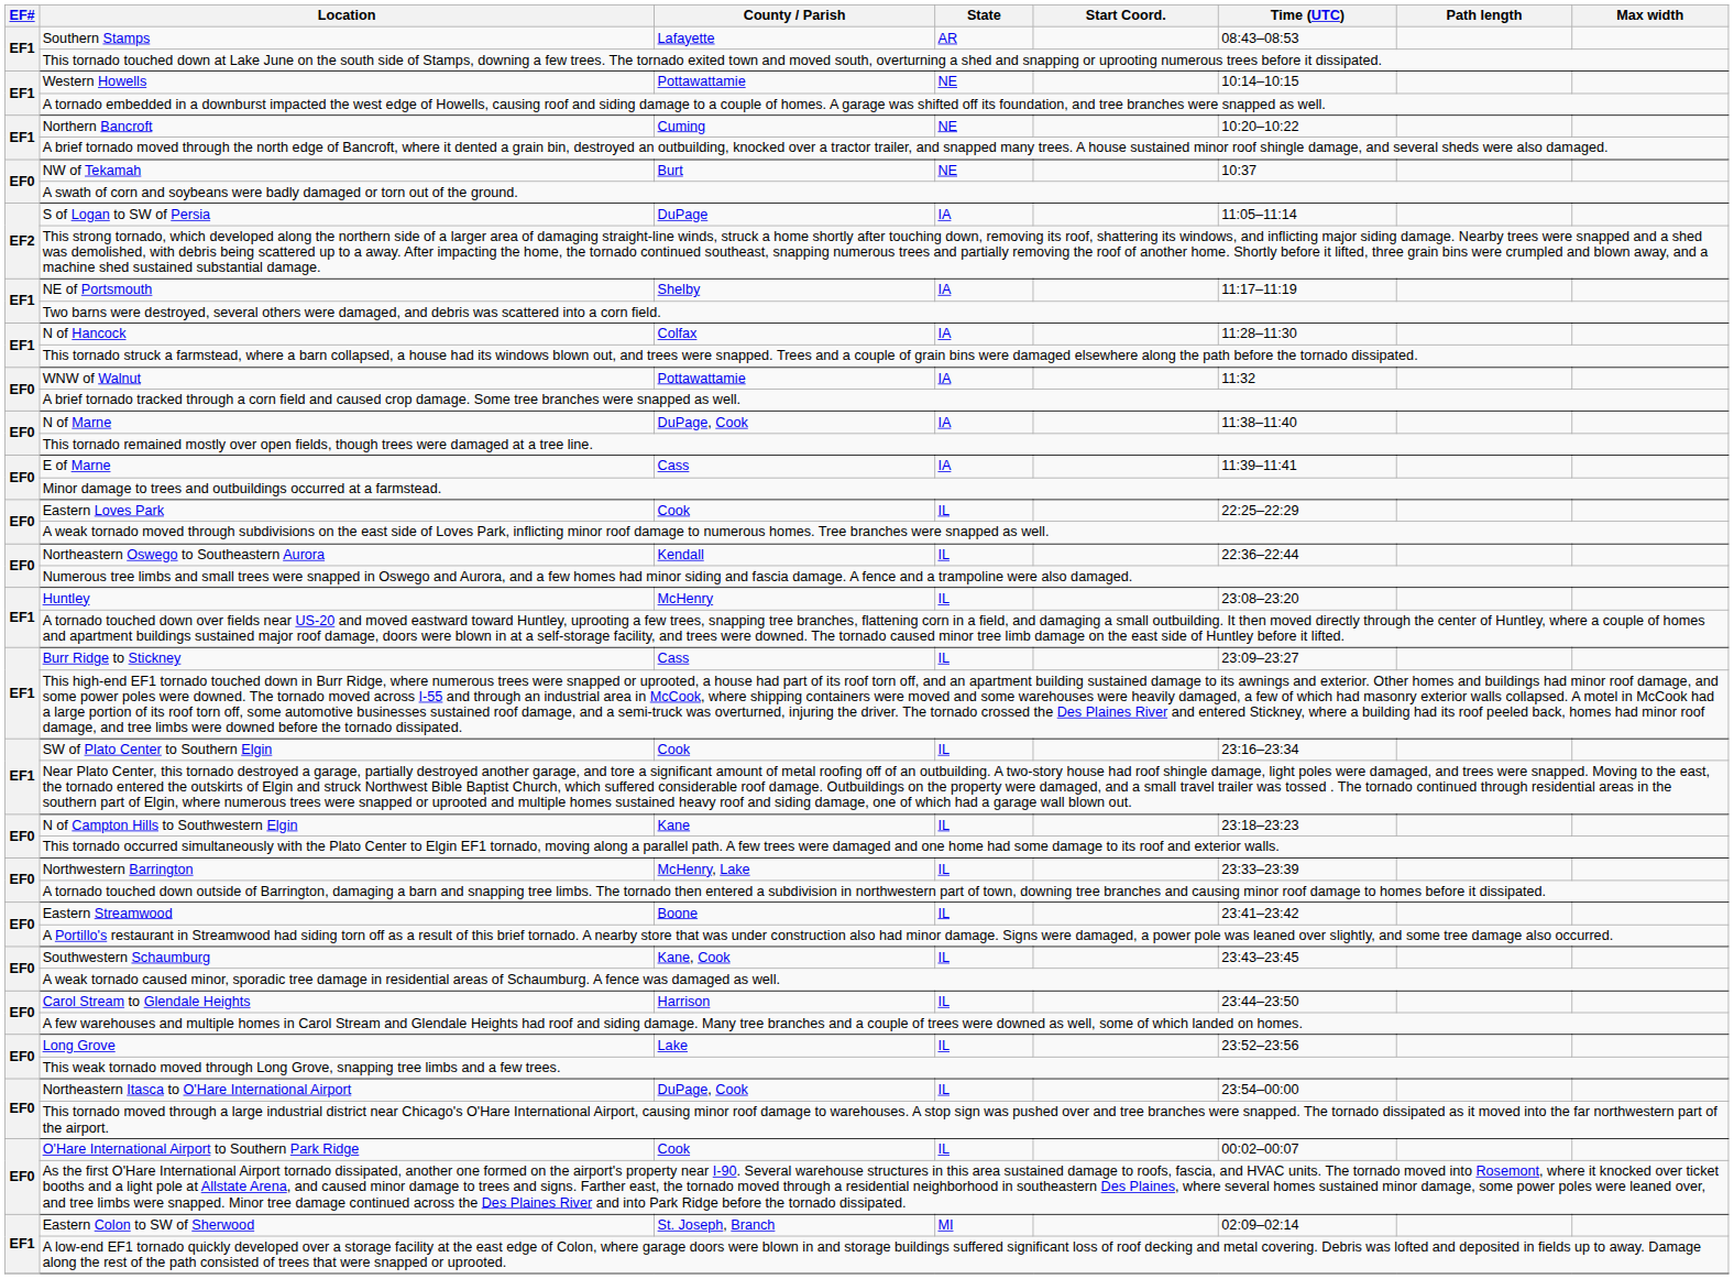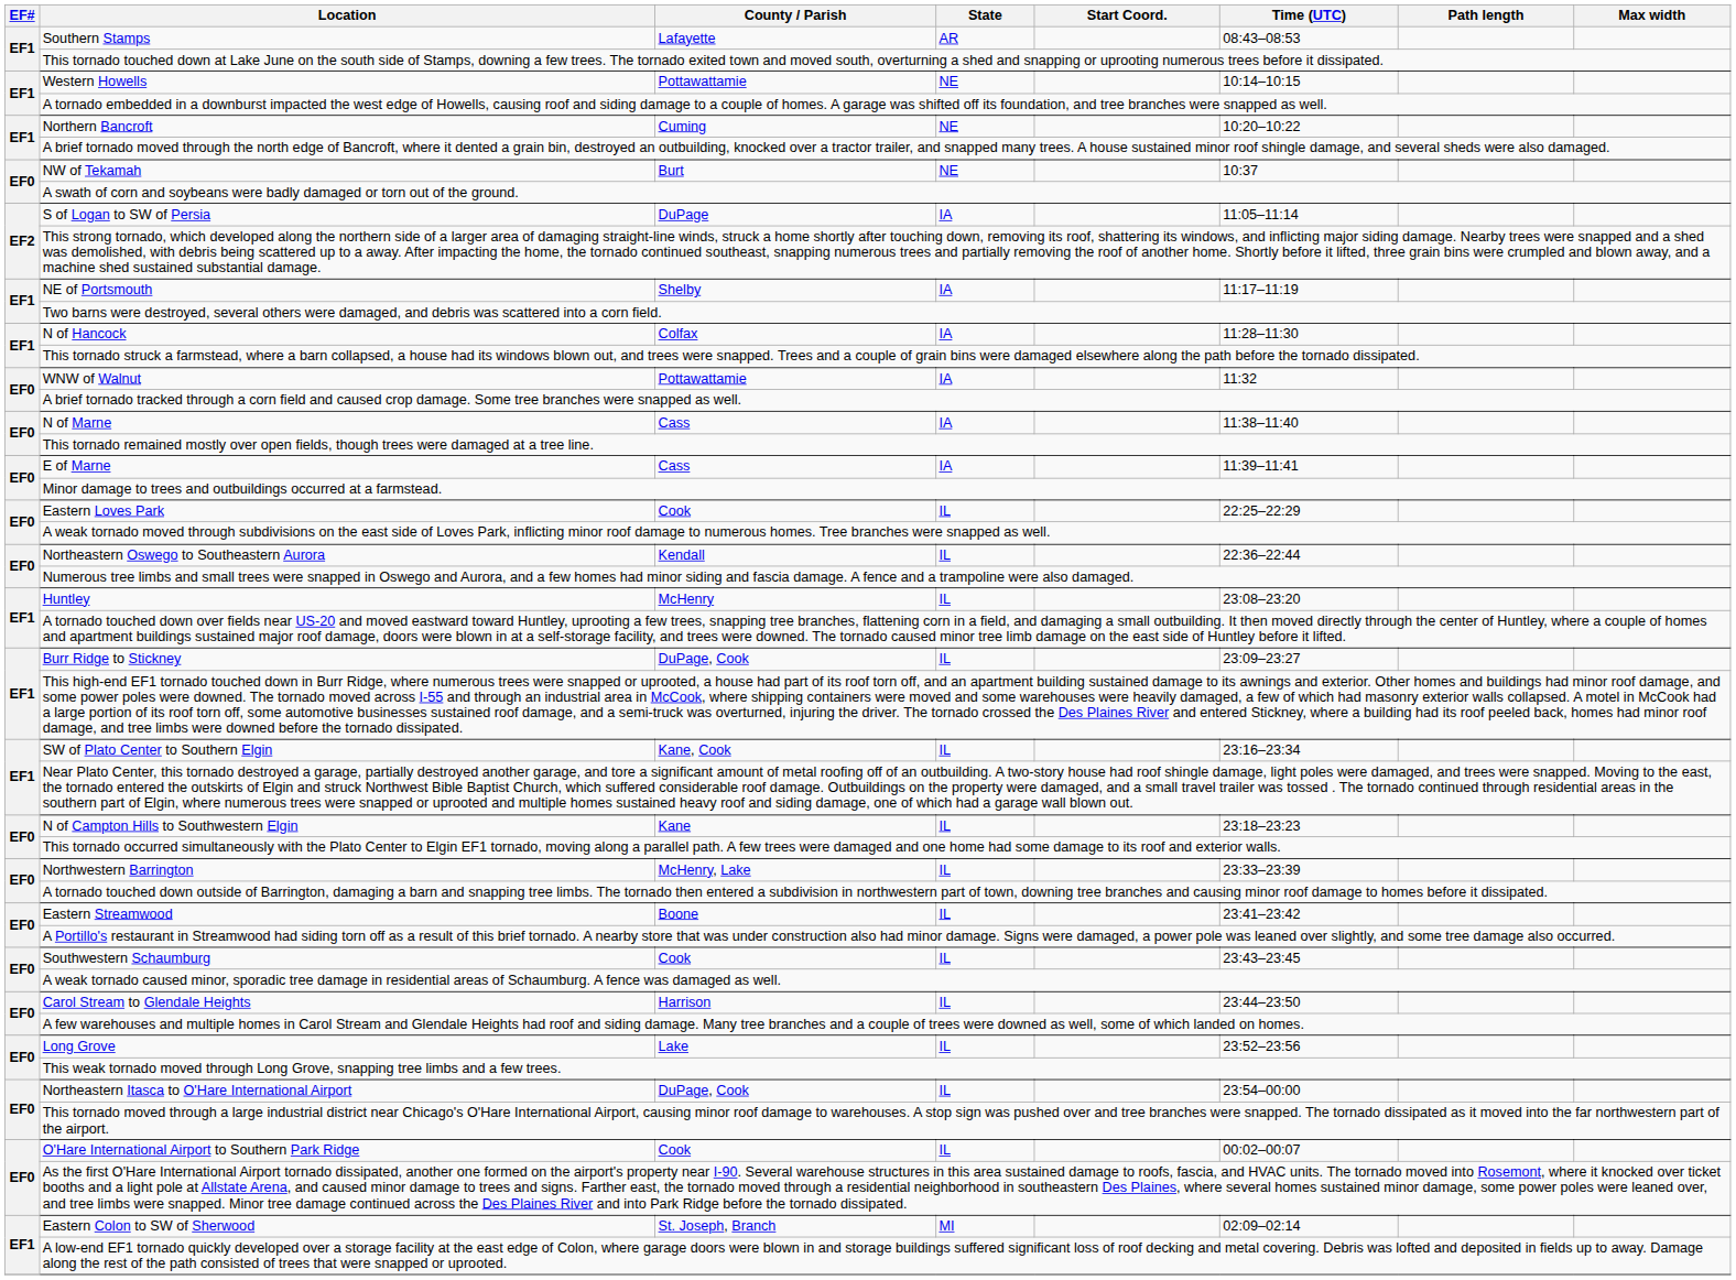 <table class="wikitable sortable" style="width:100%;">
 <tr>
 <th scope="col" width="2%" align="center"><a href='#'>EF#</a></th>
 <th scope="col" align="center" class="unsortable">Location</th>
 <th scope="col" align="center" class="unsortable">County / Parish</th>
 <th scope="col" align="center">State</th>
 <th scope="col" align="center">Start Coord.</th>
 <th scope="col" align="center">Time (<a href='#'>UTC</a>)</th>
 <th scope="col" align="center">Path length</th>
 <th scope="col" align="center">Max width</th>
 </tr>
 <tr>
 <th scope="row" rowspan="2" style="background-color:#">EF1</th>
 <td>Southern <a href='#'>Stamps</a></td>
 <td><a href='#'>Lafayette</a></td>
 <td><a href='#'>AR</a></td>
 <td></td>
 <td>08:43–08:53</td>
 <td></td>
 <td></td>
 </tr>
 <tr class="expand-child">
 <td colspan="8" style=" border-bottom: 1px solid black;">This tornado touched down at Lake June on the south side of Stamps, downing a few trees. The tornado exited town and moved south, overturning a shed and snapping or uprooting numerous trees before it dissipated.</td>
 </tr>
 <tr>
 <th scope="row" rowspan="2" style="background-color:#">EF1</th>
 <td>Western <a href='#'>Howells</a></td>
 <td><a href='#'>Pottawattamie</a></td>
 <td><a href='#'>NE</a></td>
 <td></td>
 <td>10:14–10:15</td>
 <td></td>
 <td></td>
 </tr>
 <tr class="expand-child">
 <td colspan="8" style=" border-bottom: 1px solid black;">A tornado embedded in a downburst impacted the west edge of Howells, causing roof and siding damage to a couple of homes. A garage was shifted off its foundation, and tree branches were snapped as well.</td>
 </tr>
 <tr>
 <th scope="row" rowspan="2" style="background-color:#">EF1</th>
 <td>Northern <a href='#'>Bancroft</a></td>
 <td><a href='#'>Cuming</a></td>
 <td><a href='#'>NE</a></td>
 <td></td>
 <td>10:20–10:22</td>
 <td></td>
 <td></td>
 </tr>
 <tr class="expand-child">
 <td colspan="8" style=" border-bottom: 1px solid black;">A brief tornado moved through the north edge of Bancroft, where it dented a grain bin, destroyed an outbuilding, knocked over a tractor trailer, and snapped many trees. A house sustained minor roof shingle damage, and several sheds were also damaged.</td>
 </tr>
 <tr>
 <th scope="row" rowspan="2" style="background-color:#">EF0</th>
 <td>NW of <a href='#'>Tekamah</a></td>
 <td><a href='#'>Burt</a></td>
 <td><a href='#'>NE</a></td>
 <td></td>
 <td>10:37</td>
 <td></td>
 <td></td>
 </tr>
 <tr class="expand-child">
 <td colspan="8" style=" border-bottom: 1px solid black;">A swath of corn and soybeans were badly damaged or torn out of the ground.</td>
 </tr>
 <tr>
 <th scope="row" rowspan="2" style="background-color:#">EF2</th>
 <td>S of <a href='#'>Logan</a> to SW of <a href='#'>Persia</a></td>
 <td><a href='#'>DuPage</a></td>
 <td><a href='#'>IA</a></td>
 <td></td>
 <td>11:05–11:14</td>
 <td></td>
 <td></td>
 </tr>
 <tr class="expand-child">
 <td colspan="8" style=" border-bottom: 1px solid black;">This strong tornado, which developed along the northern side of a larger area of damaging straight-line winds, struck a home shortly after touching down, removing its roof, shattering its windows, and inflicting major siding damage. Nearby trees were snapped and a shed was demolished, with debris being scattered up to a  away. After impacting the home, the tornado continued southeast, snapping numerous trees and partially removing the roof of another home. Shortly before it lifted, three grain bins were crumpled and blown away, and a machine shed sustained substantial damage.</td>
 </tr>
 <tr>
 <th scope="row" rowspan="2" style="background-color:#">EF1</th>
 <td>NE of <a href='#'>Portsmouth</a></td>
 <td><a href='#'>Shelby</a></td>
 <td><a href='#'>IA</a></td>
 <td></td>
 <td>11:17–11:19</td>
 <td></td>
 <td></td>
 </tr>
 <tr class="expand-child">
 <td colspan="8" style=" border-bottom: 1px solid black;">Two barns were destroyed, several others were damaged, and debris was scattered into a corn field.</td>
 </tr>
 <tr>
 <th scope="row" rowspan="2" style="background-color:#">EF1</th>
 <td>N of <a href='#'>Hancock</a></td>
 <td><a href='#'>Colfax</a></td>
 <td><a href='#'>IA</a></td>
 <td></td>
 <td>11:28–11:30</td>
 <td></td>
 <td></td>
 </tr>
 <tr class="expand-child">
 <td colspan="8" style=" border-bottom: 1px solid black;">This tornado struck a farmstead, where a barn collapsed, a house had its windows blown out, and trees were snapped. Trees and a couple of grain bins were damaged elsewhere along the path before the tornado dissipated.</td>
 </tr>
 <tr>
 <th scope="row" rowspan="2" style="background-color:#">EF0</th>
 <td>WNW of <a href='#'>Walnut</a></td>
 <td><a href='#'>Pottawattamie</a></td>
 <td><a href='#'>IA</a></td>
 <td></td>
 <td>11:32</td>
 <td></td>
 <td></td>
 </tr>
 <tr class="expand-child">
 <td colspan="8" style=" border-bottom: 1px solid black;">A brief tornado tracked through a corn field and caused crop damage. Some tree branches were snapped as well. </td>
 </tr>
 <tr>
 <th scope="row" rowspan="2" style="background-color:#">EF0</th>
 <td>N of <a href='#'>Marne</a></td>
-<td><a href='#'>DuPage</a>, <a href='#'>Cook</a></td>
+<td><a href='#'>Cass</a></td>
 <td><a href='#'>IA</a></td>
 <td></td>
 <td>11:38–11:40</td>
 <td></td>
 <td></td>
 </tr>
 <tr class="expand-child">
 <td colspan="8" style=" border-bottom: 1px solid black;">This tornado remained mostly over open fields, though trees were damaged at a tree line.</td>
 </tr>
 <tr>
 <th scope="row" rowspan="2" style="background-color:#">EF0</th>
 <td>E of <a href='#'>Marne</a></td>
 <td><a href='#'>Cass</a></td>
 <td><a href='#'>IA</a></td>
 <td></td>
 <td>11:39–11:41</td>
 <td></td>
 <td></td>
 </tr>
 <tr class="expand-child">
 <td colspan="8" style=" border-bottom: 1px solid black;">Minor damage to trees and outbuildings occurred at a farmstead.</td>
 </tr>
 <tr>
 <th scope="row" rowspan="2" style="background-color:#">EF0</th>
 <td>Eastern <a href='#'>Loves Park</a></td>
 <td><a href='#'>Cook</a></td>
 <td><a href='#'>IL</a></td>
 <td></td>
 <td>22:25–22:29</td>
 <td></td>
 <td></td>
 </tr>
 <tr class="expand-child">
 <td colspan="8" style=" border-bottom: 1px solid black;">A weak tornado moved through subdivisions on the east side of Loves Park, inflicting minor roof damage to numerous homes. Tree branches were snapped as well.</td>
 </tr>
 <tr>
 <th scope="row" rowspan="2" style="background-color:#">EF0</th>
 <td>Northeastern <a href='#'>Oswego</a> to Southeastern <a href='#'>Aurora</a></td>
 <td><a href='#'>Kendall</a></td>
 <td><a href='#'>IL</a></td>
 <td></td>
 <td>22:36–22:44</td>
 <td></td>
 <td></td>
 </tr>
 <tr class="expand-child">
 <td colspan="8" style=" border-bottom: 1px solid black;">Numerous tree limbs and small trees were snapped in Oswego and Aurora, and a few homes had minor siding and fascia damage. A fence and a trampoline were also damaged.</td>
 </tr>
 <tr>
 <th scope="row" rowspan="2" style="background-color:#">EF1</th>
 <td><a href='#'>Huntley</a></td>
 <td><a href='#'>McHenry</a></td>
 <td><a href='#'>IL</a></td>
 <td></td>
 <td>23:08–23:20</td>
 <td></td>
 <td></td>
 </tr>
 <tr class="expand-child">
 <td colspan="8" style=" border-bottom: 1px solid black;">A tornado touched down over fields near <a href='#'>US-20</a> and moved eastward toward Huntley, uprooting a few trees, snapping tree branches, flattening corn in a field, and damaging a small outbuilding. It then moved directly through the center of Huntley, where a couple of homes and apartment buildings sustained major roof damage, doors were blown in at a self-storage facility, and trees were downed. The tornado caused minor tree limb damage on the east side of Huntley before it lifted.</td>
 </tr>
 <tr>
 <th scope="row" rowspan="2" style="background-color:#">EF1</th>
 <td><a href='#'>Burr Ridge</a> to <a href='#'>Stickney</a></td>
-<td><a href='#'>Cass</a></td>
+<td><a href='#'>DuPage</a>, <a href='#'>Cook</a></td>
 <td><a href='#'>IL</a></td>
 <td></td>
 <td>23:09–23:27</td>
 <td></td>
 <td></td>
 </tr>
 <tr class="expand-child">
 <td colspan="8" style=" border-bottom: 1px solid black;">This high-end EF1 tornado touched down in Burr Ridge, where numerous trees were snapped or uprooted, a house had part of its roof torn off, and an apartment building sustained damage to its awnings and exterior. Other homes and buildings had minor roof damage, and some power poles were downed. The tornado moved across <a href='#'>I-55</a> and through an industrial area in <a href='#'>McCook</a>, where shipping containers were moved and some warehouses were heavily damaged, a few of which had masonry exterior walls collapsed. A motel in McCook had a large portion of its roof torn off, some automotive businesses sustained roof damage, and a semi-truck was overturned, injuring the driver. The tornado crossed the <a href='#'>Des Plaines River</a> and entered Stickney, where a building had its roof peeled back, homes had minor roof damage, and tree limbs were downed before the tornado dissipated.</td>
 </tr>
 <tr>
 <th scope="row" rowspan="2" style="background-color:#">EF1</th>
 <td>SW of <a href='#'>Plato Center</a> to Southern <a href='#'>Elgin</a></td>
-<td><a href='#'>Cook</a></td>
+<td><a href='#'>Kane</a>, <a href='#'>Cook</a></td>
 <td><a href='#'>IL</a></td>
 <td></td>
 <td>23:16–23:34</td>
 <td></td>
 <td></td>
 </tr>
 <tr class="expand-child">
 <td colspan="8" style=" border-bottom: 1px solid black;">Near Plato Center, this tornado destroyed a garage, partially destroyed another garage, and tore a significant amount of metal roofing off of an outbuilding. A two-story house had roof shingle damage, light poles were damaged, and trees were snapped. Moving to the east, the tornado entered the outskirts of Elgin and struck Northwest Bible Baptist Church, which suffered considerable roof damage. Outbuildings on the property were damaged, and a small travel trailer was tossed . The tornado continued through residential areas in the southern part of Elgin, where numerous trees were snapped or uprooted and multiple homes sustained heavy roof and siding damage, one of which had a garage wall blown out.</td>
 </tr>
 <tr>
 <th scope="row" rowspan="2" style="background-color:#">EF0</th>
 <td>N of <a href='#'>Campton Hills</a> to Southwestern <a href='#'>Elgin</a></td>
 <td><a href='#'>Kane</a></td>
 <td><a href='#'>IL</a></td>
 <td></td>
 <td>23:18–23:23</td>
 <td></td>
 <td></td>
 </tr>
 <tr class="expand-child">
 <td colspan="8" style=" border-bottom: 1px solid black;">This tornado occurred simultaneously with the Plato Center to Elgin EF1 tornado, moving along a parallel path. A few trees were damaged and one home had some damage to its roof and exterior walls.</td>
 </tr>
 <tr>
 <th scope="row" rowspan="2" style="background-color:#">EF0</th>
 <td>Northwestern <a href='#'>Barrington</a></td>
 <td><a href='#'>McHenry</a>, <a href='#'>Lake</a></td>
 <td><a href='#'>IL</a></td>
 <td></td>
 <td>23:33–23:39</td>
 <td></td>
 <td></td>
 </tr>
 <tr class="expand-child">
 <td colspan="8" style=" border-bottom: 1px solid black;">A tornado touched down outside of Barrington, damaging a barn and snapping tree limbs. The tornado then entered a subdivision in northwestern part of town, downing tree branches and causing minor roof damage to homes before it dissipated.</td>
 </tr>
 <tr>
 <th scope="row" rowspan="2" style="background-color:#">EF0</th>
 <td>Eastern <a href='#'>Streamwood</a></td>
 <td><a href='#'>Boone</a></td>
 <td><a href='#'>IL</a></td>
 <td></td>
 <td>23:41–23:42</td>
 <td></td>
 <td></td>
 </tr>
 <tr class="expand-child">
 <td colspan="8" style=" border-bottom: 1px solid black;">A <a href='#'>Portillo's</a> restaurant in Streamwood had siding torn off as a result of this brief tornado. A nearby store that was under construction also had minor damage. Signs were damaged, a power pole was leaned over slightly, and some tree damage also occurred.</td>
 </tr>
 <tr>
 <th scope="row" rowspan="2" style="background-color:#">EF0</th>
 <td>Southwestern <a href='#'>Schaumburg</a></td>
-<td><a href='#'>Kane</a>, <a href='#'>Cook</a></td>
+<td><a href='#'>Cook</a></td>
 <td><a href='#'>IL</a></td>
 <td></td>
 <td>23:43–23:45</td>
 <td></td>
 <td></td>
 </tr>
 <tr class="expand-child">
 <td colspan="8" style=" border-bottom: 1px solid black;">A weak tornado caused minor, sporadic tree damage in residential areas of Schaumburg. A fence was damaged as well.</td>
 </tr>
 <tr>
 <th scope="row" rowspan="2" style="background-color:#">EF0</th>
 <td><a href='#'>Carol Stream</a> to <a href='#'>Glendale Heights</a></td>
 <td><a href='#'>Harrison</a></td>
 <td><a href='#'>IL</a></td>
 <td></td>
 <td>23:44–23:50</td>
 <td></td>
 <td></td>
 </tr>
 <tr class="expand-child">
 <td colspan="8" style=" border-bottom: 1px solid black;">A few warehouses and multiple homes in Carol Stream and Glendale Heights had roof and siding damage. Many tree branches and a couple of trees were downed as well, some of which landed on homes.</td>
 </tr>
 <tr>
 <th scope="row" rowspan="2" style="background-color:#">EF0</th>
 <td><a href='#'>Long Grove</a></td>
 <td><a href='#'>Lake</a></td>
 <td><a href='#'>IL</a></td>
 <td></td>
 <td>23:52–23:56</td>
 <td></td>
 <td></td>
 </tr>
 <tr class="expand-child">
 <td colspan="8" style=" border-bottom: 1px solid black;">This weak tornado moved through Long Grove, snapping tree limbs and a few trees.</td>
 </tr>
 <tr>
 <th scope="row" rowspan="2" style="background-color:#">EF0</th>
 <td>Northeastern <a href='#'>Itasca</a> to <a href='#'>O'Hare International Airport</a></td>
 <td><a href='#'>DuPage</a>, <a href='#'>Cook</a></td>
 <td><a href='#'>IL</a></td>
 <td></td>
 <td>23:54–00:00</td>
 <td></td>
 <td></td>
 </tr>
 <tr class="expand-child">
 <td colspan="8" style=" border-bottom: 1px solid black;">This tornado moved through a large industrial district near Chicago's O'Hare International Airport, causing minor roof damage to warehouses. A stop sign was pushed over and tree branches were snapped. The tornado dissipated as it moved into the far northwestern part of the airport.</td>
 </tr>
 <tr>
 <th scope="row" rowspan="2" style="background-color:#">EF0</th>
 <td><a href='#'>O'Hare International Airport</a> to Southern <a href='#'>Park Ridge</a></td>
 <td><a href='#'>Cook</a></td>
 <td><a href='#'>IL</a></td>
 <td></td>
 <td>00:02–00:07</td>
 <td></td>
 <td></td>
 </tr>
 <tr class="expand-child">
 <td colspan="8" style=" border-bottom: 1px solid black;">As the first O'Hare International Airport tornado dissipated, another one formed on the airport's property near <a href='#'>I-90</a>. Several warehouse structures in this area sustained damage to roofs, fascia, and HVAC units. The tornado moved into <a href='#'>Rosemont</a>, where it knocked over ticket booths and a light pole at <a href='#'>Allstate Arena</a>, and caused minor damage to trees and signs. Farther east, the tornado moved through a residential neighborhood in southeastern <a href='#'>Des Plaines</a>, where several homes sustained minor damage, some power poles were leaned over, and tree limbs were snapped. Minor tree damage continued across the <a href='#'>Des Plaines River</a> and into Park Ridge before the tornado dissipated.</td>
 </tr>
 <tr>
 <th scope="row" rowspan="2" style="background-color:#">EF1</th>
 <td>Eastern <a href='#'>Colon</a> to SW of <a href='#'>Sherwood</a></td>
 <td><a href='#'>St. Joseph</a>, <a href='#'>Branch</a></td>
 <td><a href='#'>MI</a></td>
 <td></td>
 <td>02:09–02:14</td>
 <td></td>
 <td></td>
 </tr>
 <tr class="expand-child">
 <td colspan="8" style=" border-bottom: 1px solid black;">A low-end EF1 tornado quickly developed over a storage facility at the east edge of Colon, where garage doors were blown in and storage buildings suffered significant loss of roof decking and metal covering. Debris was lofted and deposited in fields up to  away. Damage along the rest of the path consisted of trees that were snapped or uprooted.</td>
 </tr>
 <tr>
 </tr>
 </table>
